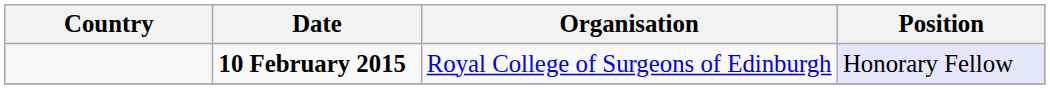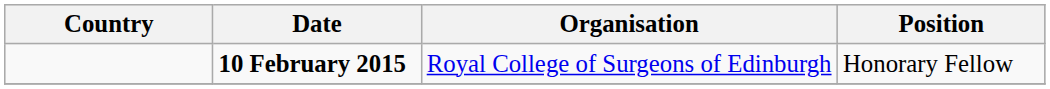 <table class="wikitable">
 <tr>
 <th style="width:20%;">Country</th>
 <th style="width:20%;">Date</th>
 <th style="width:40%;">Organisation</th>
 <th style="width:20%;">Position</th>
 </tr>
 <tr>
 <td></td>
 <td><strong>10 February 2015</strong></td>
 <td><a href='#'>Royal College of Surgeons of Edinburgh</a></td>
-<td style="background: lavender;">Honorary Fellow </td>
+<td>Honorary Fellow </td>
 </tr>
 <tr>
 </tr>
 </table>
